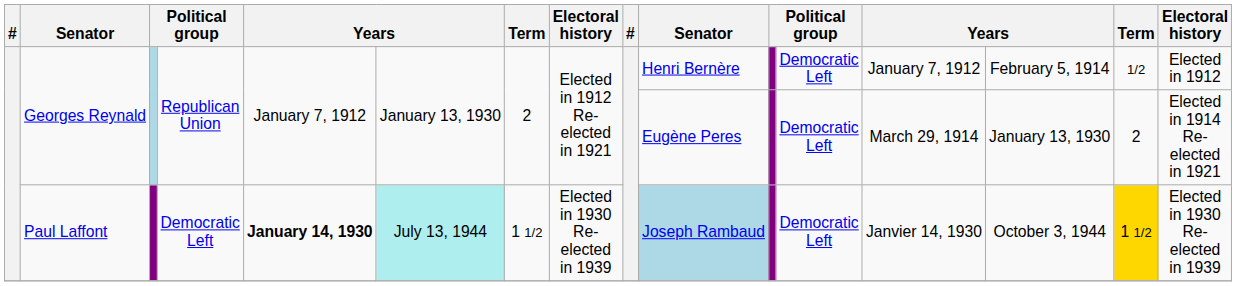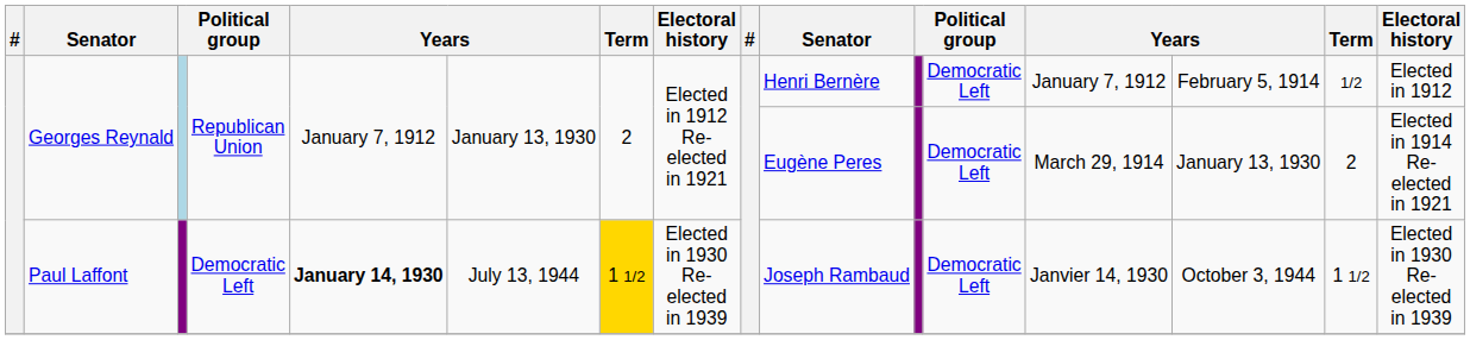 <table class=wikitable style="text-align:center">
 <tr valign=bottom>
 <th>#</th>
 <th>Senator</th>
 <th colspan=2>Political group</th>
 <th colspan=2>Years</th>
 <th>Term</th>
 <th>Electoral history</th>
 <th>#</th>
 <th>Senator</th>
 <th colspan=2>Political group</th>
 <th colspan=2>Years</th>
 <th>Term</th>
 <th>Electoral history</th>
 </tr>
 <tr>
 <th rowspan=3></th>
 <td rowspan=2 nowrap align=left><a href='#'>Georges Reynald</a></td>
 <th rowspan=2 style="background:lightblue;"></th>
 <td rowspan=2><a href='#'>Republican Union</a></td>
 <td rowspan=2 nowrap>January 7, 1912</td>
 <td rowspan=2 nowrap>January 13, 1930</td>
 <td rowspan=2>2</td>
 <td rowspan=2>Elected in 1912<br>Re-elected in 1921</td>
 <th rowspan=3></th>
 <td nowrap align=left><a href='#'>Henri Bernère</a></td>
 <th style="background:purple;"></th>
 <td><a href='#'>Democratic Left</a></td>
 <td nowrap>January 7, 1912</td>
 <td nowrap>February 5, 1914</td>
 <td><small>1/2</small></td>
 <td>Elected in 1912</td>
 </tr>
 <tr>
 <td nowrap align=left><a href='#'>Eugène Peres</a></td>
 <th style="background:purple;"></th>
 <td><a href='#'>Democratic Left</a></td>
 <td nowrap>March 29, 1914</td>
 <td nowrap>January 13, 1930</td>
 <td>2</td>
 <td>Elected in 1914<br>Re-elected in 1921</td>
 </tr>
 <tr>
 <td nowrap align=left><a href='#'>Paul Laffont</a></td>
 <th style="background:purple;"></th>
 <td><a href='#'>Democratic Left</a></td>
 <td nowrap><strong>January 14, 1930</strong></td>
-<td nowrap style="background: paleturquoise;">July 13, 1944</td>
-<td>1 <small>1/2</small></td>
+<td nowrap>July 13, 1944</td>
+<td style="background: gold;">1 <small>1/2</small></td>
 <td>Elected in 1930<br>Re-elected in 1939</td>
-<td nowrap align=left style="background: lightblue;"><a href='#'>Joseph Rambaud</a></td>
+<td nowrap align=left><a href='#'>Joseph Rambaud</a></td>
 <th style="background:purple;"></th>
 <td><a href='#'>Democratic Left</a></td>
 <td nowrap>Janvier 14, 1930</td>
 <td nowrap>October 3, 1944</td>
-<td style="background: gold;">1 <small>1/2</small></td>
+<td>1 <small>1/2</small></td>
 <td>Elected in 1930<br>Re-elected in 1939</td>
 </tr>
 <tr>
 </tr>
 </table>
